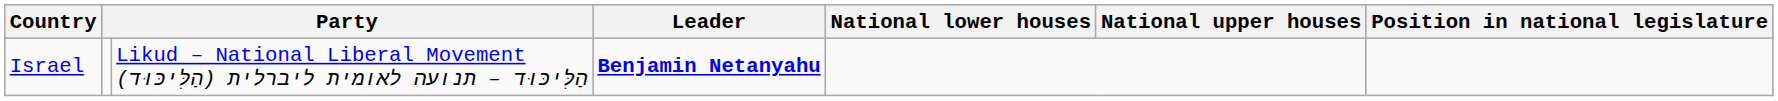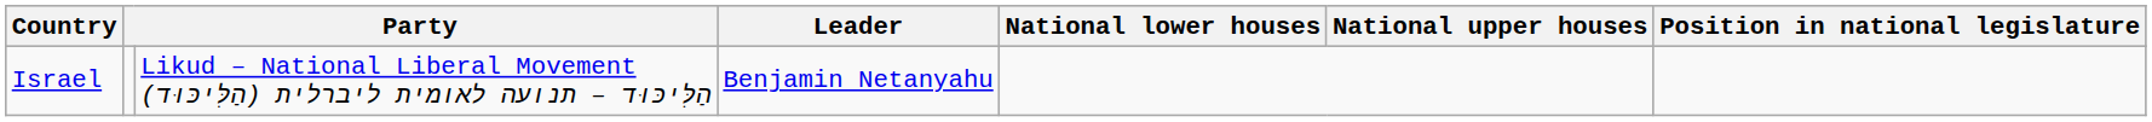 <table class="wikitable sortable">
 <tr>
 <th>Country</th>
 <th colspan="2" style="width:200px">Party</th>
 <th>Leader</th>
 <th>National lower houses</th>
 <th>National upper houses</th>
 <th>Position in national legislature</th>
 </tr>
 <tr>
 <td> <a href='#'>Israel</a></td>
 <td style="background:"></td>
 <td><a href='#'>Likud – National Liberal Movement</a><br><em>הַלִּיכּוּד – תנועה לאומית ליברלית (הַלִּיכּוּד)</em></td>
-<td><strong><a href='#'>Benjamin Netanyahu</a></strong></td>
+<td><a href='#'>Benjamin Netanyahu</a></td>
 <td colspan="2"></td>
 <td></td>
 </tr>
 </table>
